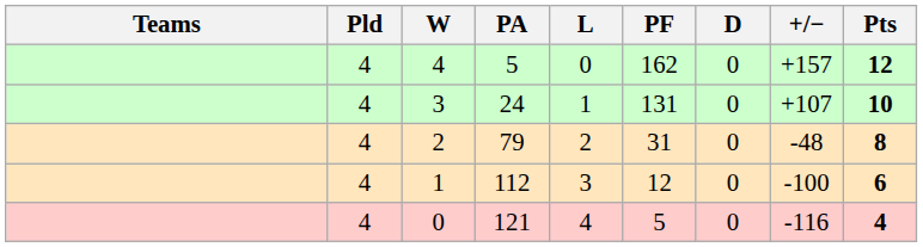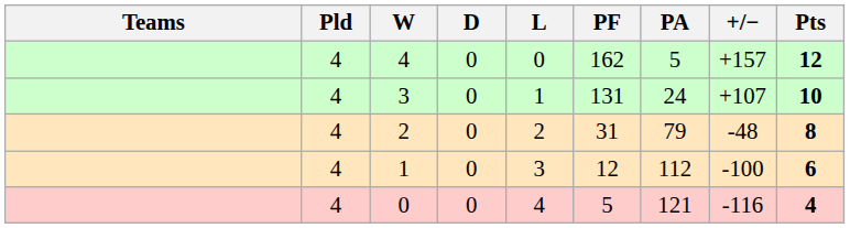 <table class="wikitable" style="text-align: center;">
 <tr>
 <th width="200">Teams</th>
 <th width="40">Pld</th>
 <th width="40">W</th>
-<th width="40">PA</th>
+<th width="40">D</th>
 <th width="40">L</th>
 <th width="40">PF</th>
-<th width="40">D</th>
+<th width="40">PA</th>
 <th width="40">+/−</th>
 <th width="40">Pts</th>
 </tr>
 <tr bgcolor=ccffcc>
 <td align=left></td>
 <td>4</td>
 <td>4</td>
-<td>5</td>
+<td>0</td>
 <td>0</td>
 <td>162</td>
-<td>0</td>
+<td>5</td>
 <td>+157</td>
 <td><strong>12</strong></td>
 </tr>
 <tr bgcolor=ccffcc>
 <td align=left></td>
 <td>4</td>
 <td>3</td>
-<td>24</td>
+<td>0</td>
 <td>1</td>
 <td>131</td>
-<td>0</td>
+<td>24</td>
 <td>+107</td>
 <td><strong>10</strong></td>
 </tr>
 <tr style="background:#ffe6bd">
 <td align=left></td>
 <td>4</td>
 <td>2</td>
-<td>79</td>
+<td>0</td>
 <td>2</td>
 <td>31</td>
-<td>0</td>
+<td>79</td>
 <td>-48</td>
 <td><strong>8</strong></td>
 </tr>
 <tr style="background:#ffe6bd">
 <td align=left></td>
 <td>4</td>
 <td>1</td>
-<td>112</td>
+<td>0</td>
 <td>3</td>
 <td>12</td>
-<td>0</td>
+<td>112</td>
 <td>-100</td>
 <td><strong>6</strong></td>
 </tr>
 <tr style="background:#fcc">
 <td align=left></td>
 <td>4</td>
 <td>0</td>
-<td>121</td>
+<td>0</td>
 <td>4</td>
 <td>5</td>
-<td>0</td>
+<td>121</td>
 <td>-116</td>
 <td><strong>4</strong></td>
 </tr>
 </table>
